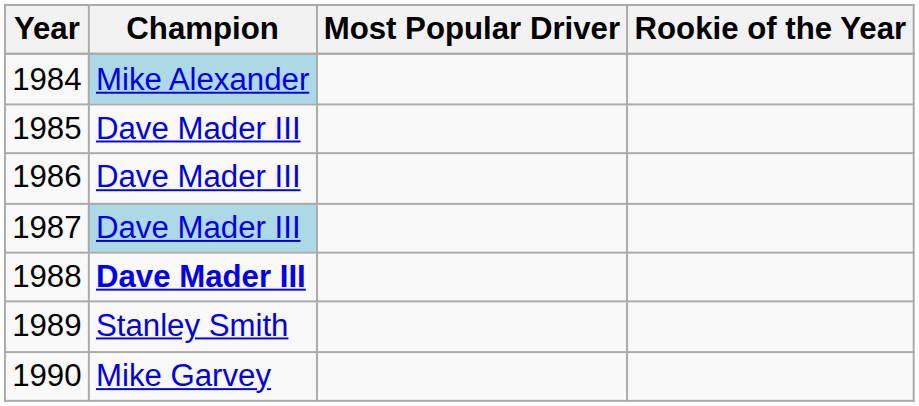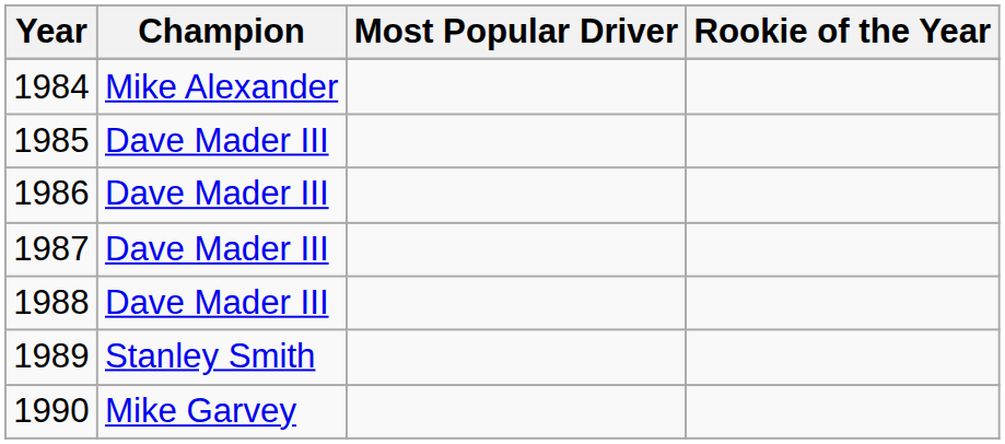 <table class="wikitable">
 <tr>
 <th>Year</th>
 <th>Champion</th>
 <th>Most Popular Driver</th>
 <th>Rookie of the Year</th>
 </tr>
 <tr>
 </tr>
 <tr>
 <td>1984</td>
-<td style="background: lightblue;"><a href='#'>Mike Alexander</a></td>
+<td><a href='#'>Mike Alexander</a></td>
 <td></td>
 <td></td>
 </tr>
 <tr>
 <td>1985</td>
 <td><a href='#'>Dave Mader III</a></td>
 <td></td>
 <td></td>
 </tr>
 <tr>
 <td>1986</td>
 <td><a href='#'>Dave Mader III</a></td>
 <td></td>
 <td></td>
 </tr>
 <tr>
 <td>1987</td>
-<td style="background: lightblue;"><a href='#'>Dave Mader III</a></td>
+<td><a href='#'>Dave Mader III</a></td>
 <td></td>
 <td></td>
 </tr>
 <tr>
 <td>1988</td>
-<td><strong><a href='#'>Dave Mader III</a></strong></td>
+<td><a href='#'>Dave Mader III</a></td>
 <td></td>
 <td></td>
 </tr>
 <tr>
 <td>1989</td>
 <td><a href='#'>Stanley Smith</a></td>
 <td></td>
 <td></td>
 </tr>
 <tr>
 <td>1990</td>
 <td><a href='#'>Mike Garvey</a></td>
 <td></td>
 <td></td>
 </tr>
 </table>
